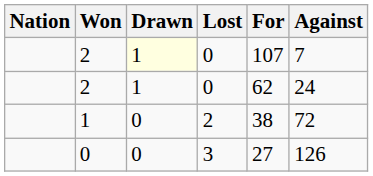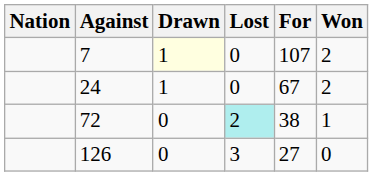 <table class="wikitable">
 <tr>
 <th>Nation</th>
-<th>Won</th>
+<th>Against</th>
 <th>Drawn</th>
 <th>Lost</th>
 <th>For</th>
-<th>Against</th>
+<th>Won</th>
 </tr>
 <tr>
 <td></td>
-<td>2</td>
+<td>7</td>
 <td style="background: lightyellow;">1</td>
 <td>0</td>
 <td>107</td>
-<td>7</td>
+<td>2</td>
 </tr>
 <tr>
 <td></td>
-<td>2</td>
+<td>24</td>
 <td>1</td>
 <td>0</td>
-<td>62</td>
-<td>24</td>
+<td>67</td>
+<td>2</td>
 </tr>
 <tr>
 <td></td>
+<td>72</td>
+<td>0</td>
+<td style="background: paleturquoise;">2</td>
+<td>38</td>
 <td>1</td>
-<td>0</td>
-<td>2</td>
-<td>38</td>
-<td>72</td>
 </tr>
 <tr>
 <td></td>
-<td>0</td>
+<td>126</td>
 <td>0</td>
 <td>3</td>
 <td>27</td>
-<td>126</td>
+<td>0</td>
 </tr>
 </table>
